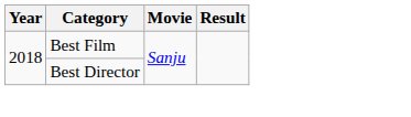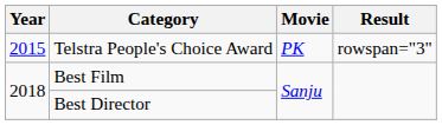 <table class="wikitable">
 <tr>
 <th>Year</th>
 <th>Category</th>
 <th>Movie</th>
 <th>Result</th>
+</tr>
+<tr>
+<td><a href='#'>2015</a></td>
+<td>Telstra People's Choice Award</td>
+<td><em><a href='#'>PK</a></em></td>
+<td>rowspan="3"</td>
 </tr>
 <tr>
 <td rowspan="2">2018</td>
 <td>Best Film</td>
 <td rowspan="2"><em><a href='#'>Sanju</a></em></td>
 </tr>
 <tr>
 <td>Best Director</td>
 </tr>
 </table>
